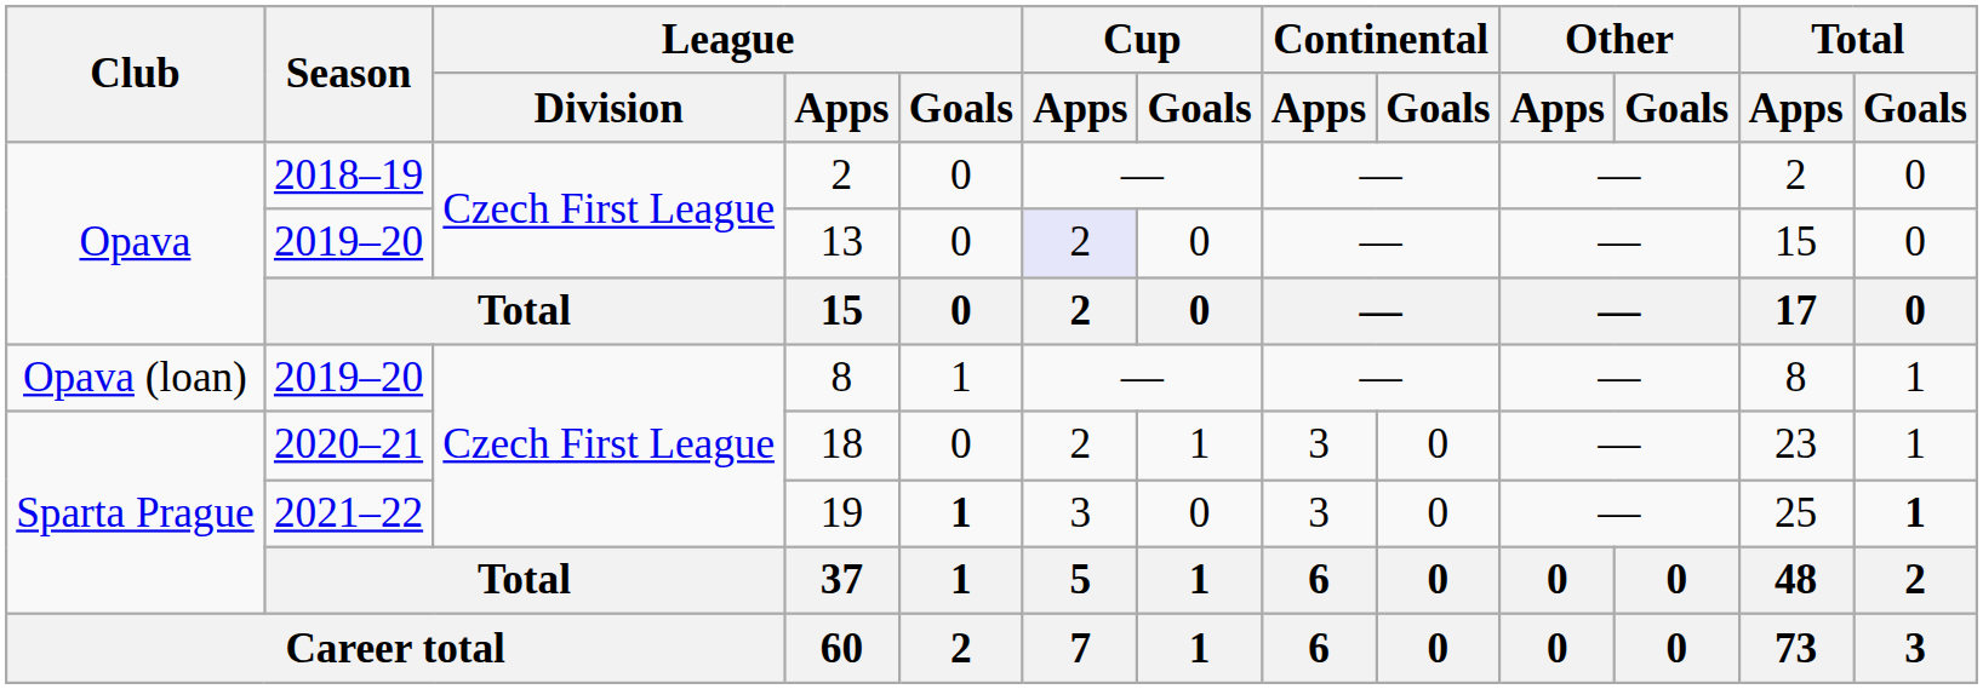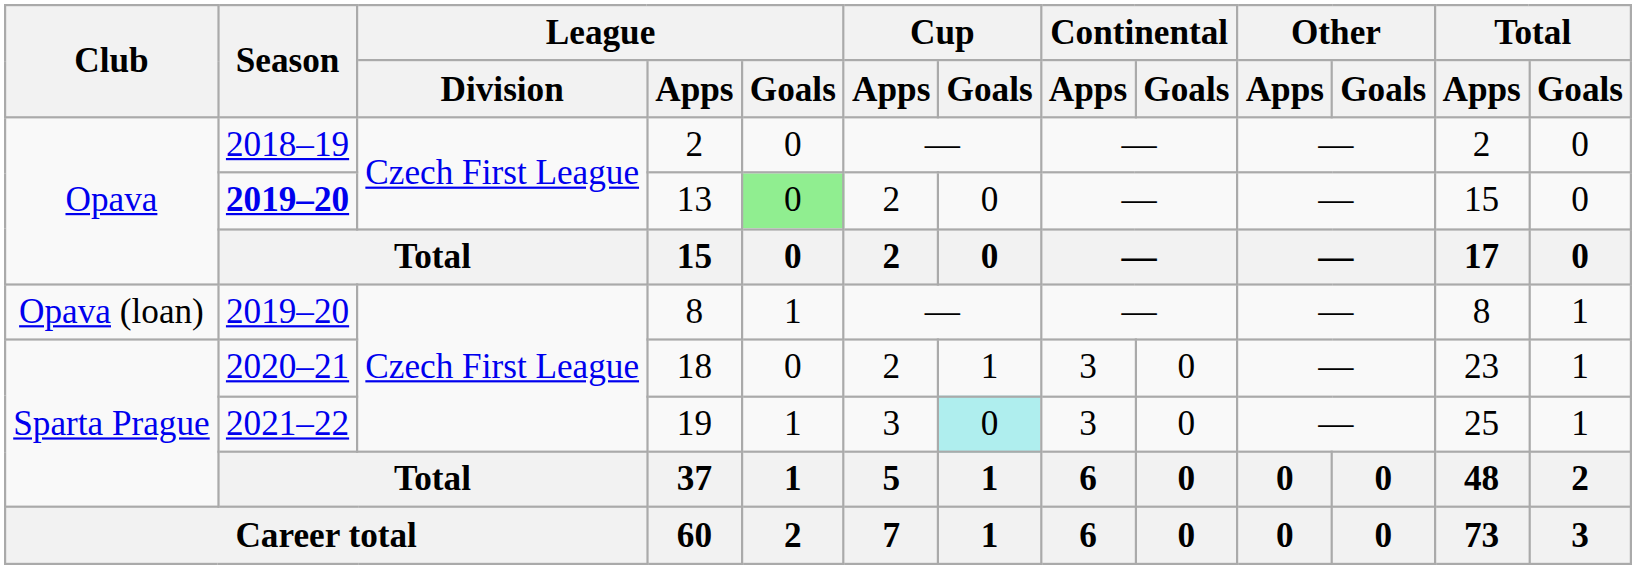 <table class="wikitable" style="text-align:center">
 <tr>
 <th rowspan="2">Club</th>
 <th rowspan="2">Season</th>
 <th colspan="3">League</th>
 <th colspan="2">Cup</th>
 <th colspan="2">Continental</th>
 <th colspan="2">Other</th>
 <th colspan="2">Total</th>
 </tr>
 <tr>
 <th>Division</th>
 <th>Apps</th>
 <th>Goals</th>
 <th>Apps</th>
 <th>Goals</th>
 <th>Apps</th>
 <th>Goals</th>
 <th>Apps</th>
 <th>Goals</th>
 <th>Apps</th>
 <th>Goals</th>
 </tr>
 <tr>
 <td rowspan="3"><a href='#'>Opava</a></td>
 <td><a href='#'>2018–19</a></td>
 <td rowspan="2"><a href='#'>Czech First League</a></td>
 <td>2</td>
 <td>0</td>
 <td colspan="2">—</td>
 <td colspan="2">—</td>
 <td colspan="2">—</td>
 <td>2</td>
 <td>0</td>
 </tr>
 <tr>
-<td><a href='#'>2019–20</a></td>
+<td><strong><a href='#'>2019–20</a></strong></td>
 <td>13</td>
-<td>0</td>
-<td style="background: lavender;">2</td>
+<td style="background: lightgreen;">0</td>
+<td>2</td>
 <td>0</td>
 <td colspan="2">—</td>
 <td colspan="2">—</td>
 <td>15</td>
 <td>0</td>
 </tr>
 <tr>
 <th colspan="2">Total</th>
 <th>15</th>
 <th>0</th>
 <th>2</th>
 <th>0</th>
 <th colspan="2">—</th>
 <th colspan="2">—</th>
 <th>17</th>
 <th>0</th>
 </tr>
 <tr>
 <td><a href='#'>Opava</a> (loan)</td>
 <td><a href='#'>2019–20</a></td>
 <td rowspan="3"><a href='#'>Czech First League</a></td>
 <td>8</td>
 <td>1</td>
 <td colspan="2">—</td>
 <td colspan="2">—</td>
 <td colspan="2">—</td>
 <td>8</td>
 <td>1</td>
 </tr>
 <tr>
 <td rowspan="3"><a href='#'>Sparta Prague</a></td>
 <td><a href='#'>2020–21</a></td>
 <td>18</td>
 <td>0</td>
 <td>2</td>
 <td>1</td>
 <td>3</td>
 <td>0</td>
 <td colspan="2">—</td>
 <td>23</td>
 <td>1</td>
 </tr>
 <tr>
 <td><a href='#'>2021–22</a></td>
 <td>19</td>
-<td><strong>1</strong></td>
+<td>1</td>
 <td>3</td>
-<td>0</td>
+<td style="background: paleturquoise;">0</td>
 <td>3</td>
 <td>0</td>
 <td colspan="2">—</td>
 <td>25</td>
-<td><strong>1</strong></td>
+<td>1</td>
 </tr>
 <tr>
 <th colspan="2">Total</th>
 <th>37</th>
 <th>1</th>
 <th>5</th>
 <th>1</th>
 <th>6</th>
 <th>0</th>
 <th>0</th>
 <th>0</th>
 <th>48</th>
 <th>2</th>
 </tr>
 <tr>
 <th colspan="3">Career total</th>
 <th>60</th>
 <th>2</th>
 <th>7</th>
 <th>1</th>
 <th>6</th>
 <th>0</th>
 <th>0</th>
 <th>0</th>
 <th>73</th>
 <th>3</th>
 </tr>
 </table>
